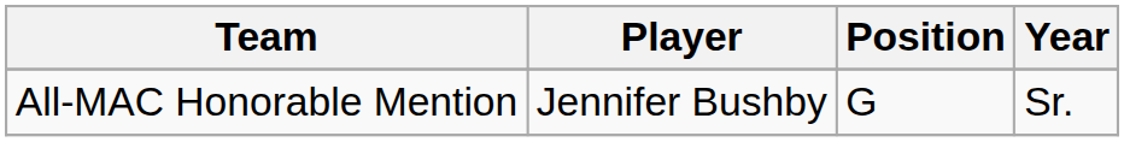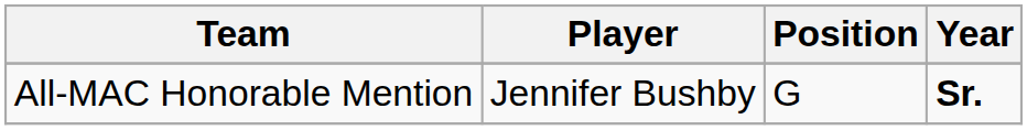 <table class="wikitable" border="1">
 <tr align=center>
 <th style= >Team</th>
 <th style= >Player</th>
 <th style= >Position</th>
 <th style= >Year</th>
 </tr>
 <tr align="center">
 </tr>
 <tr>
 <td>All-MAC Honorable Mention</td>
 <td>Jennifer Bushby</td>
 <td>G</td>
-<td>Sr.</td>
+<td><strong>Sr.</strong></td>
 </tr>
 <tr>
 </tr>
 </table>
